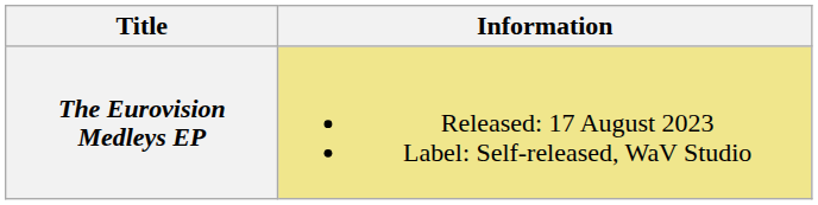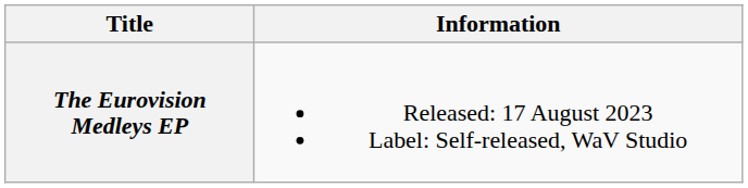 <table class="wikitable plainrowheaders" style="text-align:center;">
 <tr>
 <th scope="col" style="width:10em;">Title</th>
 <th scope="col" style="width:20em;">Information</th>
 </tr>
 <tr>
 <th scope="row"><em>The Eurovision Medleys EP</em></th>
-<td style="background: khaki;"><br><ul><li>Released: 17 August 2023</li><li>Label: Self-released, WaV Studio</li></ul></td>
+<td><br><ul><li>Released: 17 August 2023</li><li>Label: Self-released, WaV Studio</li></ul></td>
 </tr>
 </table>
